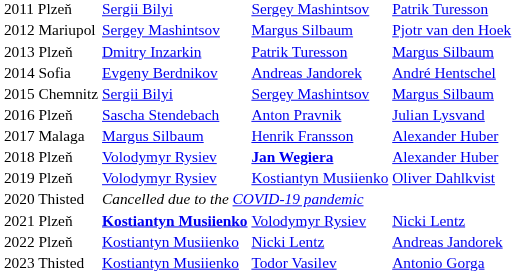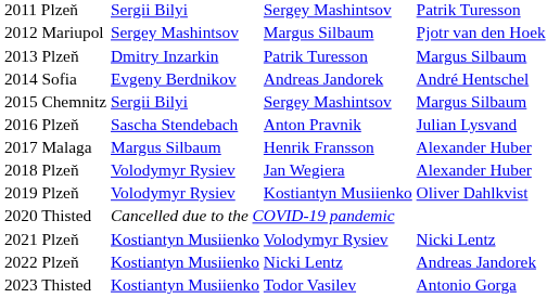 <table>
 <tr>
 <td>2011 Plzeň</td>
 <td> <a href='#'>Sergii Bilyi</a></td>
 <td> <a href='#'>Sergey Mashintsov</a></td>
 <td> <a href='#'>Patrik Turesson</a></td>
 </tr>
 <tr>
 <td>2012 Mariupol</td>
 <td> <a href='#'>Sergey Mashintsov</a></td>
 <td> <a href='#'>Margus Silbaum</a></td>
 <td> <a href='#'>Pjotr van den Hoek</a></td>
 </tr>
 <tr>
 <td>2013 Plzeň</td>
 <td> <a href='#'>Dmitry Inzarkin</a></td>
 <td> <a href='#'>Patrik Turesson</a></td>
 <td> <a href='#'>Margus Silbaum</a></td>
 </tr>
 <tr>
 <td>2014 Sofia</td>
 <td> <a href='#'>Evgeny Berdnikov</a></td>
 <td> <a href='#'>Andreas Jandorek</a></td>
 <td> <a href='#'>André Hentschel</a></td>
 </tr>
 <tr>
 <td>2015 Chemnitz</td>
 <td> <a href='#'>Sergii Bilyi</a></td>
 <td> <a href='#'>Sergey Mashintsov</a></td>
 <td> <a href='#'>Margus Silbaum</a></td>
 </tr>
 <tr>
 <td>2016 Plzeň</td>
 <td> <a href='#'>Sascha Stendebach</a></td>
 <td> <a href='#'>Anton Pravnik</a></td>
 <td> <a href='#'>Julian Lysvand</a></td>
 </tr>
 <tr>
 <td>2017 Malaga</td>
 <td> <a href='#'>Margus Silbaum</a></td>
 <td> <a href='#'>Henrik Fransson</a></td>
 <td> <a href='#'>Alexander Huber</a></td>
 </tr>
 <tr>
 <td>2018 Plzeň</td>
 <td> <a href='#'>Volodymyr Rysiev</a></td>
-<td><strong> <a href='#'>Jan Wegiera</a></strong></td>
+<td> <a href='#'>Jan Wegiera</a></td>
 <td> <a href='#'>Alexander Huber</a></td>
 </tr>
 <tr>
 <td>2019 Plzeň</td>
 <td> <a href='#'>Volodymyr Rysiev</a></td>
 <td> <a href='#'>Kostiantyn Musiienko</a></td>
 <td> <a href='#'>Oliver Dahlkvist</a></td>
 </tr>
 <tr>
 <td>2020 Thisted</td>
 <td colspan=3><em>Cancelled due to the <a href='#'>COVID-19 pandemic</a></em></td>
 </tr>
 <tr>
 <td>2021 Plzeň</td>
-<td><strong> <a href='#'>Kostiantyn Musiienko</a></strong></td>
+<td> <a href='#'>Kostiantyn Musiienko</a></td>
 <td> <a href='#'>Volodymyr Rysiev</a></td>
 <td> <a href='#'>Nicki Lentz</a></td>
 </tr>
 <tr>
 <td>2022 Plzeň</td>
 <td> <a href='#'>Kostiantyn Musiienko</a></td>
 <td> <a href='#'>Nicki Lentz</a></td>
 <td> <a href='#'>Andreas Jandorek</a></td>
 </tr>
 <tr>
 <td>2023 Thisted</td>
 <td> <a href='#'>Kostiantyn Musiienko</a></td>
 <td> <a href='#'>Todor Vasilev</a></td>
 <td> <a href='#'>Antonio Gorga</a></td>
 </tr>
 </table>
